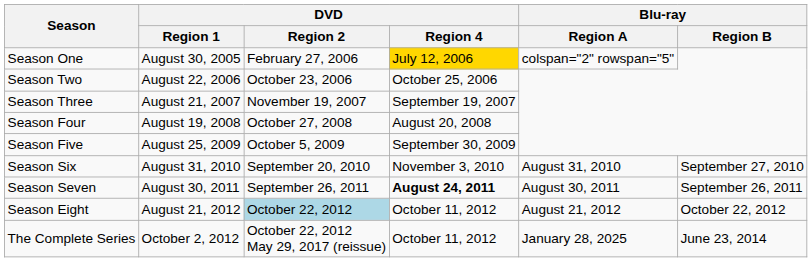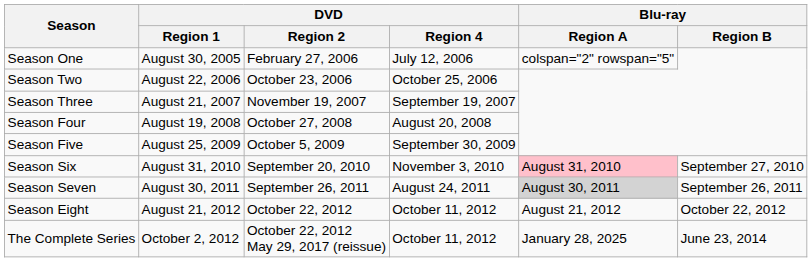 <table class="wikitable">
 <tr>
 <th rowspan="2">Season</th>
 <th colspan="3">DVD</th>
 <th colspan="2">Blu-ray</th>
 </tr>
 <tr>
 <th>Region 1</th>
 <th>Region 2</th>
 <th>Region 4</th>
 <th>Region A</th>
 <th>Region B</th>
 </tr>
 <tr>
 <td>Season One</td>
 <td>August 30, 2005</td>
 <td>February 27, 2006</td>
-<td style="background: gold;">July 12, 2006</td>
+<td>July 12, 2006</td>
 <td>colspan="2" rowspan="5" </td>
 </tr>
 <tr>
 <td>Season Two</td>
 <td>August 22, 2006</td>
 <td>October 23, 2006</td>
 <td>October 25, 2006</td>
 </tr>
 <tr>
 <td>Season Three</td>
 <td>August 21, 2007</td>
 <td>November 19, 2007</td>
 <td>September 19, 2007</td>
 </tr>
 <tr>
 <td>Season Four</td>
 <td>August 19, 2008</td>
 <td>October 27, 2008</td>
 <td>August 20, 2008</td>
 </tr>
 <tr>
 <td>Season Five</td>
 <td>August 25, 2009</td>
 <td>October 5, 2009</td>
 <td>September 30, 2009</td>
 </tr>
 <tr>
 <td>Season Six</td>
 <td>August 31, 2010</td>
 <td>September 20, 2010</td>
 <td>November 3, 2010</td>
-<td>August 31, 2010</td>
+<td style="background: pink;">August 31, 2010</td>
 <td>September 27, 2010</td>
 </tr>
 <tr>
 <td>Season Seven</td>
 <td>August 30, 2011</td>
 <td>September 26, 2011</td>
-<td><strong>August 24, 2011</strong></td>
-<td>August 30, 2011</td>
+<td>August 24, 2011</td>
+<td style="background: lightgrey;">August 30, 2011</td>
 <td>September 26, 2011</td>
 </tr>
 <tr>
 <td>Season Eight</td>
 <td>August 21, 2012</td>
-<td style="background: lightblue;">October 22, 2012</td>
+<td>October 22, 2012</td>
 <td>October 11, 2012</td>
 <td>August 21, 2012</td>
 <td>October 22, 2012</td>
 </tr>
 <tr>
 <td>The Complete Series</td>
 <td>October 2, 2012</td>
 <td>October 22, 2012<br>May 29, 2017 (reissue)</td>
 <td>October 11, 2012</td>
 <td>January 28, 2025</td>
 <td>June 23, 2014</td>
 </tr>
 </table>
